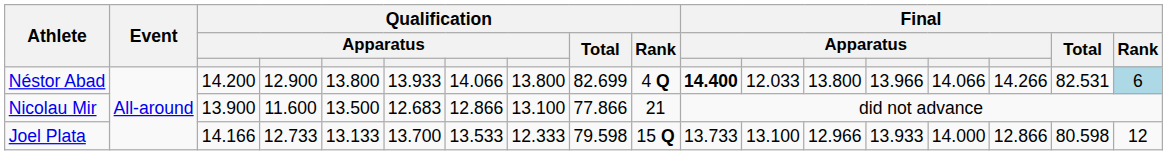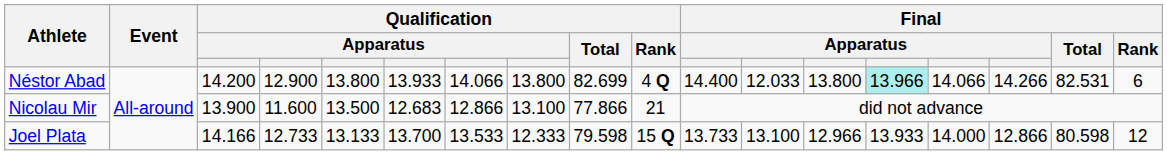 <table class="wikitable" style="font-size:90%">
 <tr>
 <th rowspan=3>Athlete</th>
 <th rowspan=3>Event</th>
 <th colspan=8>Qualification</th>
 <th colspan=8>Final</th>
 </tr>
 <tr style="font-size:95%">
 <th colspan=6>Apparatus</th>
 <th rowspan=2>Total</th>
 <th rowspan=2>Rank</th>
 <th colspan=6>Apparatus</th>
 <th rowspan=2>Total</th>
 <th rowspan=2>Rank</th>
 </tr>
 <tr style="font-size:95%">
 <th></th>
 <th></th>
 <th></th>
 <th></th>
 <th></th>
 <th></th>
 <th></th>
 <th></th>
 <th></th>
 <th></th>
 <th></th>
 <th></th>
 </tr>
 <tr align=center>
 <td align=left><a href='#'>Néstor Abad</a></td>
 <td align=left rowspan=3><a href='#'>All-around</a></td>
 <td>14.200</td>
 <td>12.900</td>
 <td>13.800</td>
 <td>13.933</td>
 <td>14.066</td>
 <td>13.800</td>
 <td>82.699</td>
 <td>4 <strong>Q</strong></td>
-<td><strong>14.400</strong></td>
+<td>14.400</td>
 <td>12.033</td>
 <td>13.800</td>
-<td>13.966</td>
+<td style="background: paleturquoise;">13.966</td>
 <td>14.066</td>
 <td>14.266</td>
 <td>82.531</td>
-<td style="background: lightblue;">6</td>
+<td>6</td>
 </tr>
 <tr align=center>
 <td align=left><a href='#'>Nicolau Mir</a></td>
 <td>13.900</td>
 <td>11.600</td>
 <td>13.500</td>
 <td>12.683</td>
 <td>12.866</td>
 <td>13.100</td>
 <td>77.866</td>
 <td>21</td>
 <td colspan=8>did not advance</td>
 </tr>
 <tr align=center>
 <td align=left><a href='#'>Joel Plata</a></td>
 <td>14.166</td>
 <td>12.733</td>
 <td>13.133</td>
 <td>13.700</td>
 <td>13.533</td>
 <td>12.333</td>
 <td>79.598</td>
 <td>15 <strong>Q</strong></td>
 <td>13.733</td>
 <td>13.100</td>
 <td>12.966</td>
 <td>13.933</td>
 <td>14.000</td>
 <td>12.866</td>
 <td>80.598</td>
 <td>12</td>
 </tr>
 </table>
